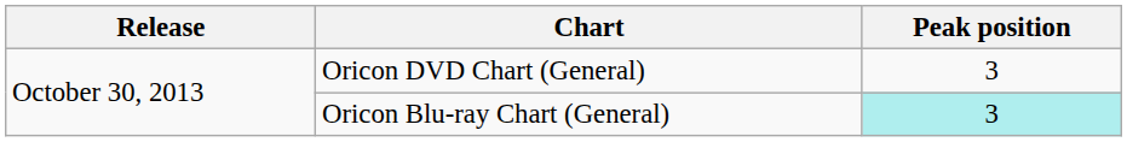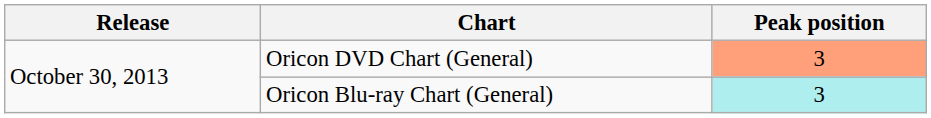 <table class="wikitable" style="width:650px;">
 <tr>
 <th>Release</th>
 <th>Chart</th>
 <th>Peak position</th>
 </tr>
 <tr>
 <td rowspan="2">October 30, 2013</td>
 <td>Oricon DVD Chart (General)</td>
-<td style="text-align:center;">3</td>
+<td style="background: lightsalmon; text-align:center;">3</td>
 </tr>
 <tr>
 <td>Oricon Blu-ray Chart (General)</td>
 <td style="background: paleturquoise; text-align:center;">3</td>
 </tr>
 </table>
